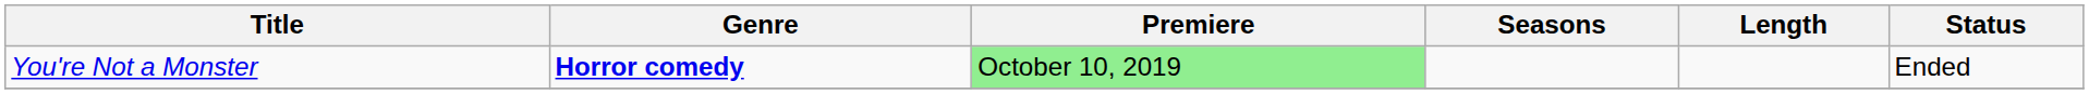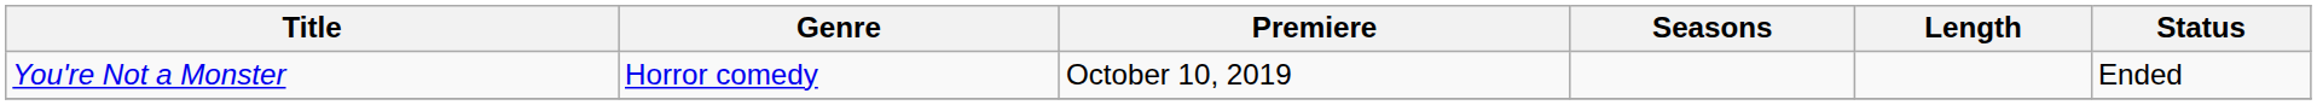 <table class="wikitable sortable" style="width:100%;">
 <tr>
 <th>Title</th>
 <th>Genre</th>
 <th>Premiere</th>
 <th>Seasons</th>
 <th>Length</th>
 <th>Status</th>
 </tr>
 <tr>
 <td><em><a href='#'>You're Not a Monster</a></em></td>
-<td><strong><a href='#'>Horror comedy</a></strong></td>
-<td style="background: lightgreen;">October 10, 2019</td>
+<td><a href='#'>Horror comedy</a></td>
+<td>October 10, 2019</td>
 <td></td>
 <td></td>
 <td>Ended</td>
 </tr>
 <tr>
 </tr>
 </table>
